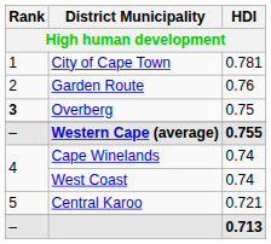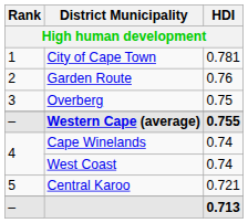 <table class="wikitable sortable">
 <tr>
 <th>Rank</th>
 <th>District Municipality</th>
 <th>HDI</th>
 </tr>
 <tr>
 <th colspan="3" style="color:#0c0;">High human development</th>
 </tr>
 <tr>
 <td>1</td>
 <td><a href='#'>City of Cape Town</a></td>
 <td>0.781</td>
 </tr>
 <tr>
 <td>2</td>
 <td><a href='#'>Garden Route</a></td>
 <td>0.76</td>
 </tr>
 <tr>
-<td><strong>3</strong></td>
+<td>3</td>
 <td><a href='#'>Overberg</a></td>
 <td>0.75</td>
 </tr>
 <tr>
 </tr>
 <tr style="background:#e6e6e6">
 <td>–</td>
 <td><strong><a href='#'>Western Cape</a> (average)</strong></td>
 <td><strong> 0.755</strong></td>
 </tr>
 <tr>
 <td rowspan="2">4</td>
 <td><a href='#'>Cape Winelands</a></td>
 <td>0.74</td>
 </tr>
 <tr>
 <td><a href='#'>West Coast</a></td>
 <td>0.74</td>
 </tr>
 <tr>
 <td>5</td>
 <td><a href='#'>Central Karoo</a></td>
 <td>0.721</td>
 </tr>
 <tr>
 </tr>
 <tr style="background:#e6e6e6">
 <td>–</td>
 <td><strong></strong></td>
 <td><strong> 0.713</strong></td>
 </tr>
 </table>
